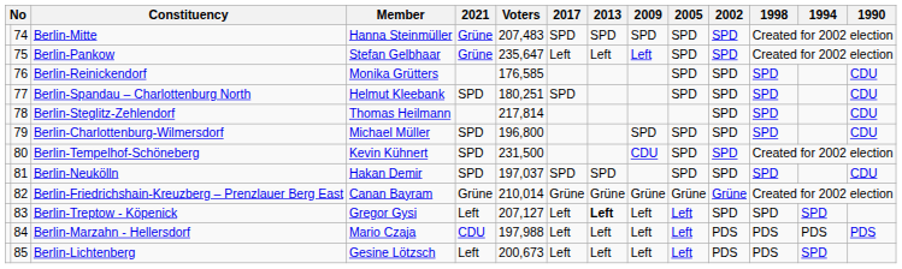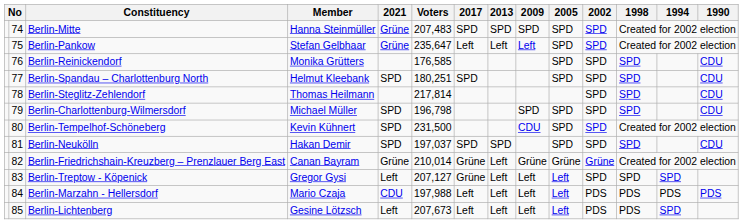 <table class="wikitable sortable">
 <tr>
 <th colspan=2>No</th>
 <th>Constituency</th>
 <th>Member</th>
 <th>2021</th>
 <th>Voters</th>
 <th>2017</th>
 <th>2013</th>
 <th>2009</th>
 <th>2005</th>
 <th>2002</th>
 <th>1998</th>
 <th>1994</th>
 <th>1990</th>
 </tr>
 <tr>
 <td style="background-color: "></td>
 <td>74</td>
 <td><a href='#'>Berlin-Mitte</a></td>
 <td><a href='#'>Hanna Steinmüller</a></td>
 <td><a href='#'>Grüne</a></td>
 <td>207,483</td>
 <td bgcolor=>SPD</td>
 <td bgcolor=>SPD</td>
 <td bgcolor=>SPD</td>
 <td bgcolor=>SPD</td>
 <td><a href='#'>SPD</a></td>
 <td colspan=3>Created for 2002 election</td>
 </tr>
 <tr>
 <td style="background-color: "></td>
 <td>75</td>
 <td><a href='#'>Berlin-Pankow</a></td>
 <td><a href='#'>Stefan Gelbhaar</a></td>
 <td><a href='#'>Grüne</a></td>
 <td>235,647</td>
 <td>Left</td>
 <td>Left</td>
 <td><a href='#'>Left</a></td>
 <td bgcolor=>SPD</td>
 <td><a href='#'>SPD</a></td>
 <td colspan=3>Created for 2002 election</td>
 </tr>
 <tr>
 <td style="background-color: "></td>
 <td>76</td>
 <td><a href='#'>Berlin-Reinickendorf</a></td>
 <td><a href='#'>Monika Grütters</a></td>
 <td></td>
 <td>176,585</td>
 <td></td>
 <td></td>
 <td></td>
 <td bgcolor=>SPD</td>
 <td bgcolor=>SPD</td>
 <td><a href='#'>SPD</a></td>
 <td></td>
 <td><a href='#'>CDU</a></td>
 </tr>
 <tr>
 <td style="background-color: "></td>
 <td>77</td>
 <td><a href='#'>Berlin-Spandau – Charlottenburg North</a></td>
 <td><a href='#'>Helmut Kleebank</a></td>
 <td bgcolor=>SPD</td>
 <td>180,251</td>
 <td bgcolor=>SPD</td>
 <td></td>
 <td></td>
 <td bgcolor=>SPD</td>
 <td bgcolor=>SPD</td>
 <td><a href='#'>SPD</a></td>
 <td></td>
 <td><a href='#'>CDU</a></td>
 </tr>
 <tr>
 <td style="background-color: "></td>
 <td>78</td>
 <td><a href='#'>Berlin-Steglitz-Zehlendorf</a></td>
 <td><a href='#'>Thomas Heilmann</a></td>
 <td></td>
 <td>217,814</td>
 <td></td>
 <td></td>
 <td></td>
 <td></td>
 <td bgcolor=>SPD</td>
 <td><a href='#'>SPD</a></td>
 <td></td>
 <td><a href='#'>CDU</a></td>
 </tr>
 <tr>
 <td style="background-color: "></td>
 <td>79</td>
 <td><a href='#'>Berlin-Charlottenburg-Wilmersdorf</a></td>
 <td><a href='#'>Michael Müller</a></td>
 <td bgcolor=>SPD</td>
-<td>196,800</td>
+<td>196,798</td>
 <td></td>
 <td></td>
 <td bgcolor=>SPD</td>
 <td bgcolor=>SPD</td>
 <td bgcolor=>SPD</td>
 <td><a href='#'>SPD</a></td>
 <td></td>
 <td><a href='#'>CDU</a></td>
 </tr>
 <tr>
 <td style="background-color: "></td>
 <td>80</td>
 <td><a href='#'>Berlin-Tempelhof-Schöneberg</a></td>
 <td><a href='#'>Kevin Kühnert</a></td>
 <td bgcolor=>SPD</td>
 <td>231,500</td>
 <td></td>
 <td></td>
 <td><a href='#'>CDU</a></td>
 <td bgcolor=>SPD</td>
 <td><a href='#'>SPD</a></td>
 <td colspan=3>Created for 2002 election</td>
 </tr>
 <tr>
 <td style="background-color: "></td>
 <td>81</td>
 <td><a href='#'>Berlin-Neukölln</a></td>
 <td><a href='#'>Hakan Demir</a></td>
 <td bgcolor=>SPD</td>
 <td>197,037</td>
 <td bgcolor=>SPD</td>
 <td bgcolor=>SPD</td>
 <td></td>
 <td bgcolor=>SPD</td>
 <td bgcolor=>SPD</td>
 <td><a href='#'>SPD</a></td>
 <td></td>
 <td><a href='#'>CDU</a></td>
 </tr>
 <tr>
 <td style="background-color: "></td>
 <td>82</td>
 <td><a href='#'>Berlin-Friedrichshain-Kreuzberg – Prenzlauer Berg East</a></td>
 <td><a href='#'>Canan Bayram</a></td>
 <td bgcolor=>Grüne</td>
 <td>210,014</td>
 <td bgcolor=>Grüne</td>
-<td bgcolor=>Grüne</td>
+<td>Left</td>
 <td bgcolor=>Grüne</td>
 <td bgcolor=>Grüne</td>
 <td bgcolor=><a href='#'>Grüne</a></td>
 <td colspan=3>Created for 2002 election</td>
 </tr>
 <tr>
 <td style="background-color: "></td>
 <td>83</td>
 <td><a href='#'>Berlin-Treptow - Köpenick</a></td>
 <td><a href='#'>Gregor Gysi</a></td>
 <td>Left</td>
 <td>207,127</td>
+<td bgcolor=>Grüne</td>
 <td>Left</td>
-<td><strong>Left</strong></td>
 <td>Left</td>
 <td><a href='#'>Left</a></td>
 <td bgcolor=>SPD</td>
 <td bgcolor=>SPD</td>
 <td><a href='#'>SPD</a></td>
 <td></td>
 </tr>
 <tr>
 <td style="background-color: "></td>
 <td>84</td>
 <td><a href='#'>Berlin-Marzahn - Hellersdorf</a></td>
 <td><a href='#'>Mario Czaja</a></td>
 <td><a href='#'>CDU</a></td>
 <td>197,988</td>
 <td>Left</td>
 <td>Left</td>
 <td>Left</td>
 <td><a href='#'>Left</a></td>
 <td>PDS</td>
 <td>PDS</td>
 <td>PDS</td>
 <td><a href='#'>PDS</a></td>
 </tr>
 <tr>
 <td style="background-color: "></td>
 <td>85</td>
 <td><a href='#'>Berlin-Lichtenberg</a></td>
 <td><a href='#'>Gesine Lötzsch</a></td>
 <td>Left</td>
-<td>200,673</td>
+<td>207,673</td>
 <td>Left</td>
 <td>Left</td>
 <td>Left</td>
 <td><a href='#'>Left</a></td>
 <td>PDS</td>
 <td>PDS</td>
 <td><a href='#'>SPD</a></td>
 <td></td>
 </tr>
 </table>
